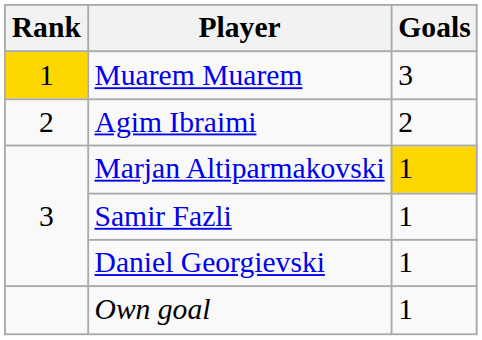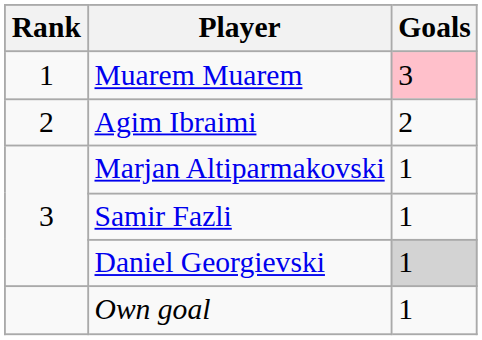 <table class="wikitable">
 <tr>
 <th>Rank</th>
 <th>Player</th>
 <th>Goals</th>
 </tr>
 <tr>
-<td align=center style="background: gold;">1</td>
+<td align=center>1</td>
 <td><a href='#'>Muarem Muarem</a></td>
-<td>3</td>
+<td style="background: pink;">3</td>
 </tr>
 <tr>
 <td align=center>2</td>
 <td><a href='#'>Agim Ibraimi</a></td>
 <td>2</td>
 </tr>
 <tr>
 <td align=center rowspan=3>3</td>
 <td><a href='#'>Marjan Altiparmakovski</a></td>
-<td style="background: gold;">1</td>
+<td>1</td>
 </tr>
 <tr>
 <td><a href='#'>Samir Fazli</a></td>
 <td>1</td>
 </tr>
 <tr>
 <td><a href='#'>Daniel Georgievski</a></td>
-<td>1</td>
+<td style="background: lightgrey;">1</td>
 </tr>
 <tr>
 <td></td>
 <td><em>Own goal</em></td>
 <td>1</td>
 </tr>
 </table>
